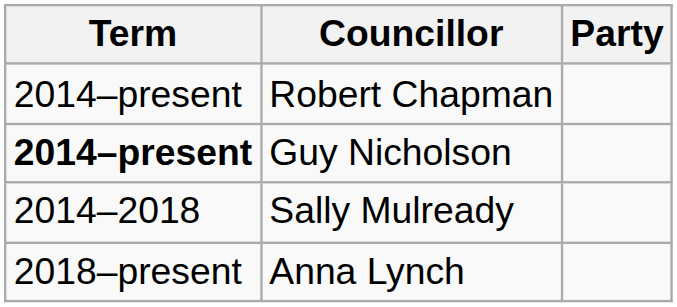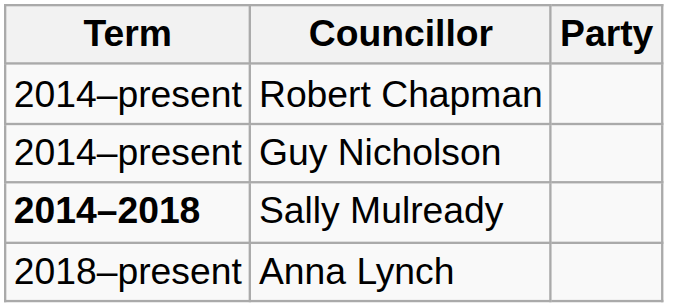 <table class="wikitable">
 <tr>
 <th>Term</th>
 <th>Councillor</th>
 <th colspan=2>Party</th>
 </tr>
 <tr>
 <td>2014–present</td>
 <td>Robert Chapman</td>
 <td></td>
 </tr>
 <tr>
-<td><strong>2014–present</strong></td>
+<td>2014–present</td>
 <td>Guy Nicholson</td>
 <td></td>
 </tr>
 <tr>
-<td>2014–2018</td>
+<td><strong>2014–2018</strong></td>
 <td>Sally Mulready</td>
 <td></td>
 </tr>
 <tr>
 <td>2018–present</td>
 <td>Anna Lynch</td>
 <td></td>
 </tr>
 </table>
